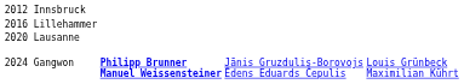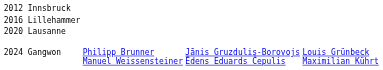 <table>
 <tr>
 <td>2012 Innsbruck<br></td>
 <td></td>
 <td></td>
 <td></td>
 </tr>
 <tr>
 <td>2016 Lillehammer<br></td>
 <td></td>
 <td></td>
 <td></td>
 </tr>
 <tr>
 <td>2020 Lausanne<br></td>
 <td></td>
 <td></td>
 <td></td>
 </tr>
 <tr>
 <td>2024 Gangwon<br></td>
-<td><strong><br><a href='#'>Philipp Brunner</a><br><a href='#'>Manuel Weissensteiner</a></strong></td>
+<td><br><a href='#'>Philipp Brunner</a><br><a href='#'>Manuel Weissensteiner</a></td>
 <td><br><a href='#'>Jānis Gruzdulis-Borovojs</a><br><a href='#'>Ēdens Eduards Čepulis</a></td>
 <td><br><a href='#'>Louis Grünbeck</a><br><a href='#'>Maximilian Kührt</a></td>
 </tr>
 </table>
